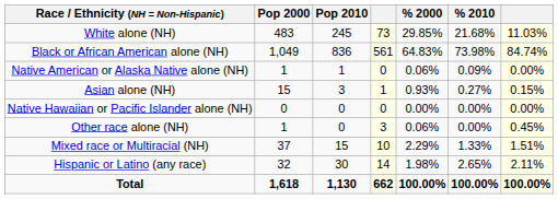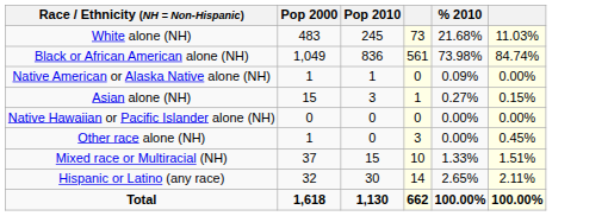 <table class="wikitable" style="text-align:center;">
 <tr>
 <th>Race / Ethnicity <small>(<em>NH = Non-Hispanic</em>)</small></th>
 <th>Pop 2000</th>
 <th>Pop 2010</th>
 <th></th>
-<th>% 2000</th>
 <th>% 2010</th>
 <th></th>
 </tr>
 <tr>
 <td><a href='#'>White</a> alone (NH)</td>
 <td>483</td>
 <td>245</td>
 <td style='background: #ffffe6;'>73</td>
-<td>29.85%</td>
 <td>21.68%</td>
 <td style='background: #ffffe6;'>11.03%</td>
 </tr>
 <tr>
 <td><a href='#'>Black or African American</a> alone (NH)</td>
 <td>1,049</td>
 <td>836</td>
 <td style='background: #ffffe6;'>561</td>
-<td>64.83%</td>
 <td>73.98%</td>
 <td style='background: #ffffe6;'>84.74%</td>
 </tr>
 <tr>
 <td><a href='#'>Native American</a> or <a href='#'>Alaska Native</a> alone (NH)</td>
 <td>1</td>
 <td>1</td>
 <td style='background: #ffffe6;'>0</td>
-<td>0.06%</td>
 <td>0.09%</td>
 <td style='background: #ffffe6;'>0.00%</td>
 </tr>
 <tr>
 <td><a href='#'>Asian</a> alone (NH)</td>
 <td>15</td>
 <td>3</td>
 <td style='background: #ffffe6;'>1</td>
-<td>0.93%</td>
 <td>0.27%</td>
 <td style='background: #ffffe6;'>0.15%</td>
 </tr>
 <tr>
 <td><a href='#'>Native Hawaiian</a> or <a href='#'>Pacific Islander</a> alone (NH)</td>
 <td>0</td>
 <td>0</td>
 <td style='background: #ffffe6;'>0</td>
 <td>0.00%</td>
-<td>0.00%</td>
 <td style='background: #ffffe6;'>0.00%</td>
 </tr>
 <tr>
 <td><a href='#'>Other race</a> alone (NH)</td>
 <td>1</td>
 <td>0</td>
 <td style='background: #ffffe6;'>3</td>
-<td>0.06%</td>
 <td>0.00%</td>
 <td style='background: #ffffe6;'>0.45%</td>
 </tr>
 <tr>
 <td><a href='#'>Mixed race or Multiracial</a> (NH)</td>
 <td>37</td>
 <td>15</td>
 <td style='background: #ffffe6;'>10</td>
-<td>2.29%</td>
 <td>1.33%</td>
 <td style='background: #ffffe6;'>1.51%</td>
 </tr>
 <tr>
 <td><a href='#'>Hispanic or Latino</a> (any race)</td>
 <td>32</td>
 <td>30</td>
 <td style='background: #ffffe6;'>14</td>
-<td>1.98%</td>
 <td>2.65%</td>
 <td style='background: #ffffe6;'>2.11%</td>
 </tr>
 <tr>
 <td><strong>Total</strong></td>
 <td><strong>1,618</strong></td>
 <td><strong>1,130</strong></td>
 <td style='background: #ffffe6;'><strong>662</strong></td>
 <td><strong>100.00%</strong></td>
-<td><strong>100.00%</strong></td>
 <td style='background: #ffffe6;'><strong>100.00%</strong></td>
 </tr>
 </table>
